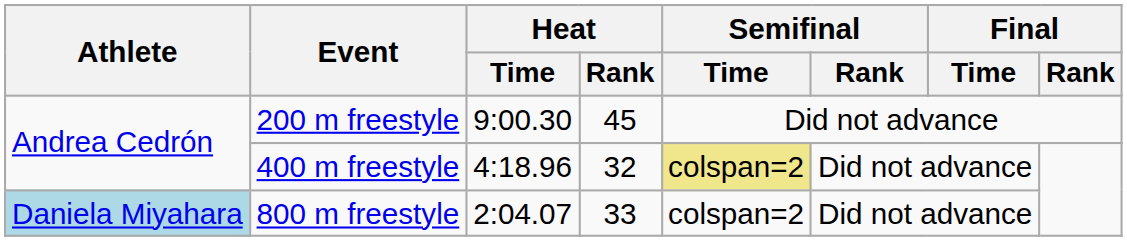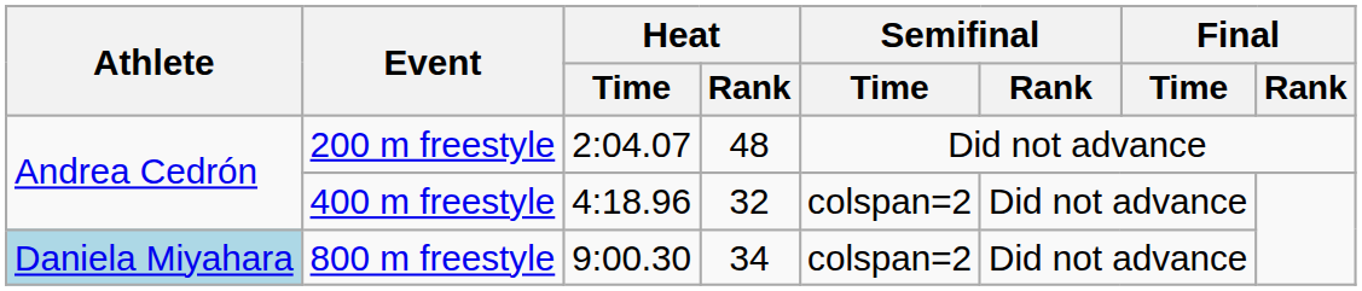 <table class=wikitable style="font-size:90%">
 <tr>
 <th rowspan="2">Athlete</th>
 <th rowspan="2">Event</th>
 <th colspan="2">Heat</th>
 <th colspan="2">Semifinal</th>
 <th colspan="2">Final</th>
 </tr>
 <tr style="font-size:95%">
 <th>Time</th>
 <th>Rank</th>
 <th>Time</th>
 <th>Rank</th>
 <th>Time</th>
 <th>Rank</th>
 </tr>
 <tr align=center>
 <td align=left rowspan=2><a href='#'>Andrea Cedrón</a></td>
 <td align=left><a href='#'>200 m freestyle</a></td>
-<td>9:00.30</td>
-<td>45</td>
+<td>2:04.07</td>
+<td>48</td>
 <td colspan=4>Did not advance</td>
 </tr>
 <tr align=center>
 <td align=left><a href='#'>400 m freestyle</a></td>
 <td>4:18.96</td>
 <td>32</td>
-<td style="background: khaki;">colspan=2 </td>
+<td>colspan=2 </td>
 <td colspan=2>Did not advance</td>
 </tr>
 <tr align=center>
 <td align=left style="background: lightblue;"><a href='#'>Daniela Miyahara</a></td>
 <td align=left><a href='#'>800 m freestyle</a></td>
-<td>2:04.07</td>
-<td>33</td>
+<td>9:00.30</td>
+<td>34</td>
 <td>colspan=2 </td>
 <td colspan=2>Did not advance</td>
 </tr>
 </table>
